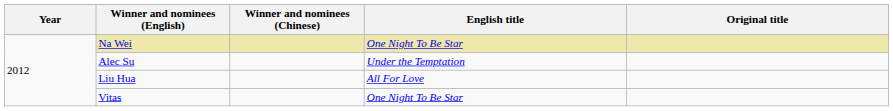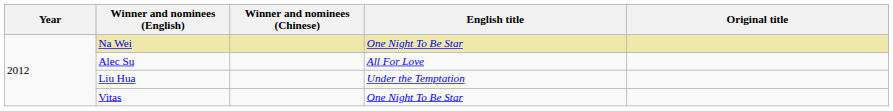 <table class="wikitable" style="width:100%;">
 <tr style="background:#bebebe">
 <th width="100"><strong>Year</strong></th>
 <th width="150"><strong>Winner and nominees<br>(English)</strong></th>
 <th width="150"><strong>Winner and nominees<br>(Chinese)</strong></th>
 <th width="300"><strong>English title</strong></th>
 <th width="300"><strong>Original title</strong></th>
 </tr>
 <tr>
 <td rowspan="4">2012</td>
 <td style="background:#EEE8AA;"><a href='#'>Na Wei</a></td>
 <td style="background:#EEE8AA;"></td>
 <td style="background:#EEE8AA;"><em><a href='#'>One Night To Be Star</a></em></td>
 <td style="background:#EEE8AA;"></td>
 </tr>
 <tr>
 <td><a href='#'>Alec Su</a></td>
 <td></td>
-<td><em><a href='#'>Under the Temptation</a></em></td>
+<td><em><a href='#'>All For Love</a></em></td>
 <td></td>
 </tr>
 <tr>
 <td><a href='#'>Liu Hua</a></td>
 <td></td>
-<td><em><a href='#'>All For Love</a></em></td>
+<td><em><a href='#'>Under the Temptation</a></em></td>
 <td></td>
 </tr>
 <tr>
 <td><a href='#'>Vitas</a></td>
 <td></td>
 <td><em><a href='#'>One Night To Be Star</a></em></td>
 <td></td>
 </tr>
 </table>
